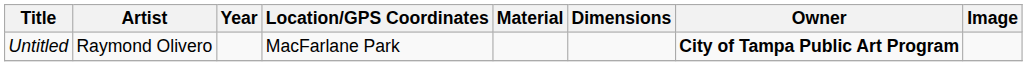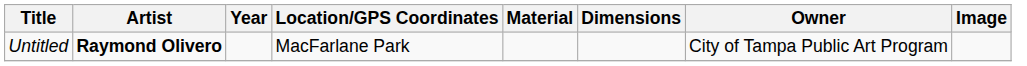 <table class="wikitable sortable">
 <tr>
 <th>Title</th>
 <th>Artist</th>
 <th>Year</th>
 <th>Location/GPS Coordinates</th>
 <th>Material</th>
 <th>Dimensions</th>
 <th>Owner</th>
 <th>Image</th>
 </tr>
 <tr>
 <td><em>Untitled</em></td>
-<td>Raymond Olivero</td>
+<td><strong>Raymond Olivero</strong></td>
 <td></td>
 <td>MacFarlane Park</td>
 <td></td>
 <td></td>
-<td><strong>City of Tampa Public Art Program</strong></td>
+<td>City of Tampa Public Art Program</td>
 <td></td>
 </tr>
 <tr>
 </tr>
 </table>
